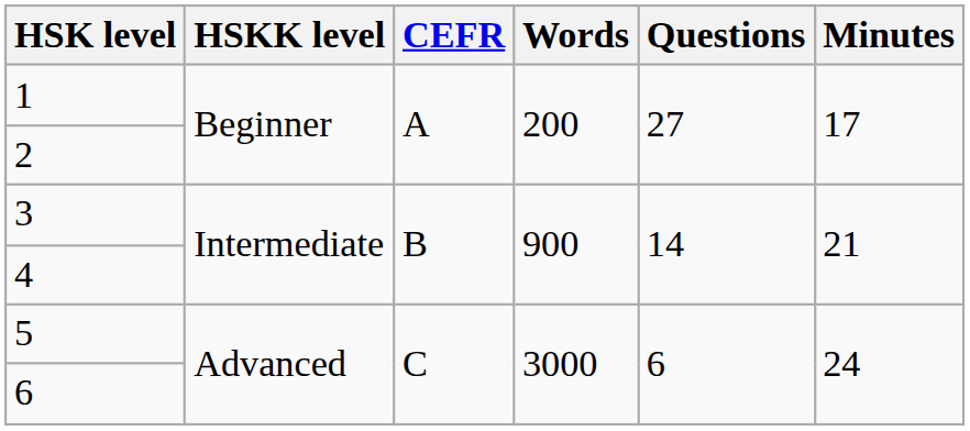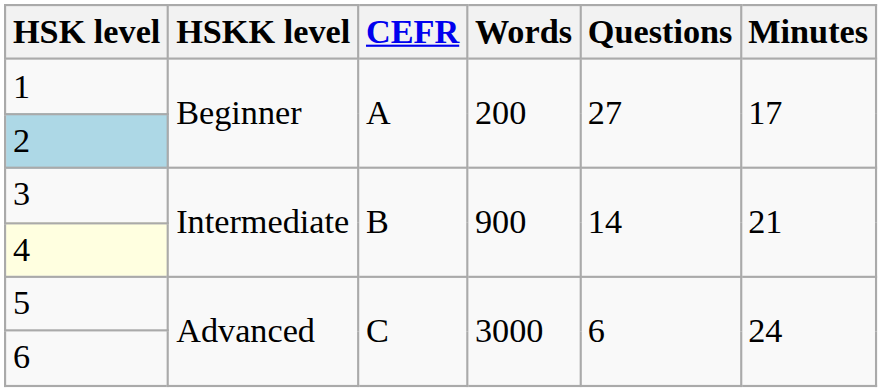 <table class="wikitable">
 <tr>
 <th>HSK level</th>
 <th>HSKK level</th>
 <th><a href='#'>CEFR</a></th>
 <th>Words</th>
 <th>Questions</th>
 <th>Minutes</th>
 </tr>
 <tr>
 <td>1</td>
 <td rowspan="2">Beginner</td>
 <td rowspan="2">A</td>
 <td rowspan="2">200</td>
 <td rowspan="2">27</td>
 <td rowspan="2">17</td>
 </tr>
 <tr>
-<td>2</td>
+<td style="background: lightblue;">2</td>
 </tr>
 <tr>
 <td>3</td>
 <td rowspan="2">Intermediate</td>
 <td rowspan="2">B</td>
 <td rowspan="2">900</td>
 <td rowspan="2">14</td>
 <td rowspan="2">21</td>
 </tr>
 <tr>
-<td>4</td>
+<td style="background: lightyellow;">4</td>
 </tr>
 <tr>
 <td>5</td>
 <td rowspan="2">Advanced</td>
 <td rowspan="2">C</td>
 <td rowspan="2">3000</td>
 <td rowspan="2">6</td>
 <td rowspan="2">24</td>
 </tr>
 <tr>
 <td>6</td>
 </tr>
 </table>
